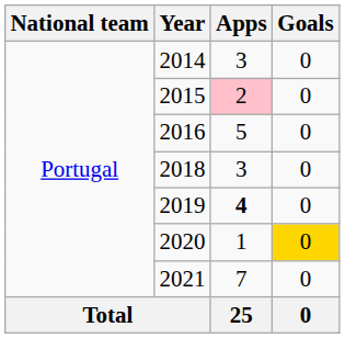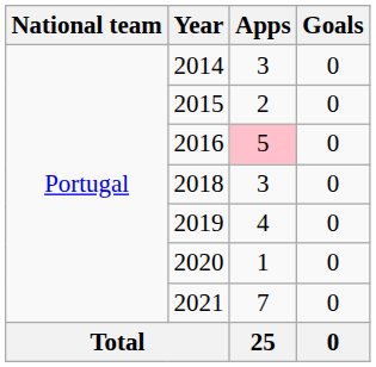 <table class="wikitable" style="text-align:center">
 <tr>
 <th>National team</th>
 <th>Year</th>
 <th>Apps</th>
 <th>Goals</th>
 </tr>
 <tr>
 <td rowspan=7><a href='#'>Portugal</a></td>
 <td>2014</td>
 <td>3</td>
 <td>0</td>
 </tr>
 <tr>
 <td>2015</td>
-<td style="background: pink;">2</td>
+<td>2</td>
 <td>0</td>
 </tr>
 <tr>
 <td>2016</td>
-<td>5</td>
+<td style="background: pink;">5</td>
 <td>0</td>
 </tr>
 <tr>
 <td>2018</td>
 <td>3</td>
 <td>0</td>
 </tr>
 <tr>
 <td>2019</td>
-<td><strong>4</strong></td>
+<td>4</td>
 <td>0</td>
 </tr>
 <tr>
 <td>2020</td>
 <td>1</td>
-<td style="background: gold;">0</td>
+<td>0</td>
 </tr>
 <tr>
 <td>2021</td>
 <td>7</td>
 <td>0</td>
 </tr>
 <tr>
 <th colspan=2>Total</th>
 <th>25</th>
 <th>0</th>
 </tr>
 </table>
